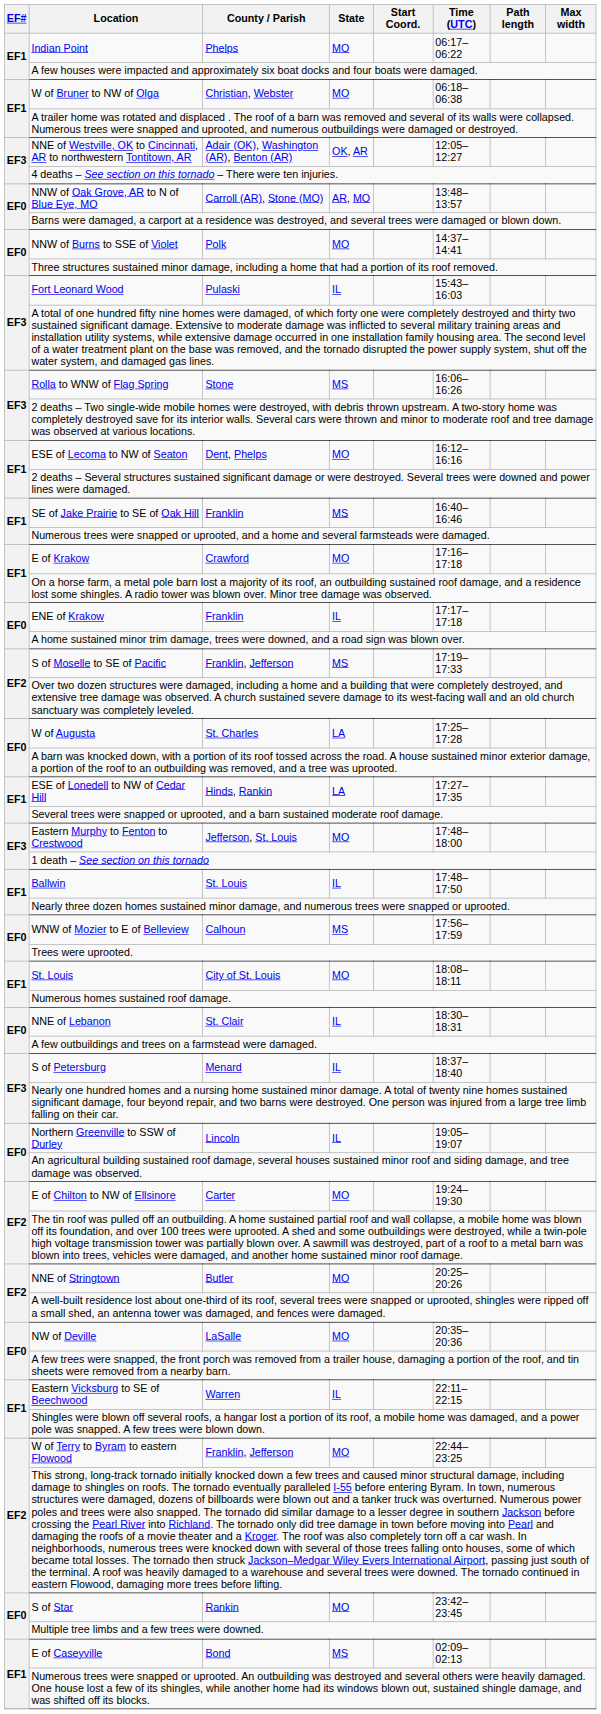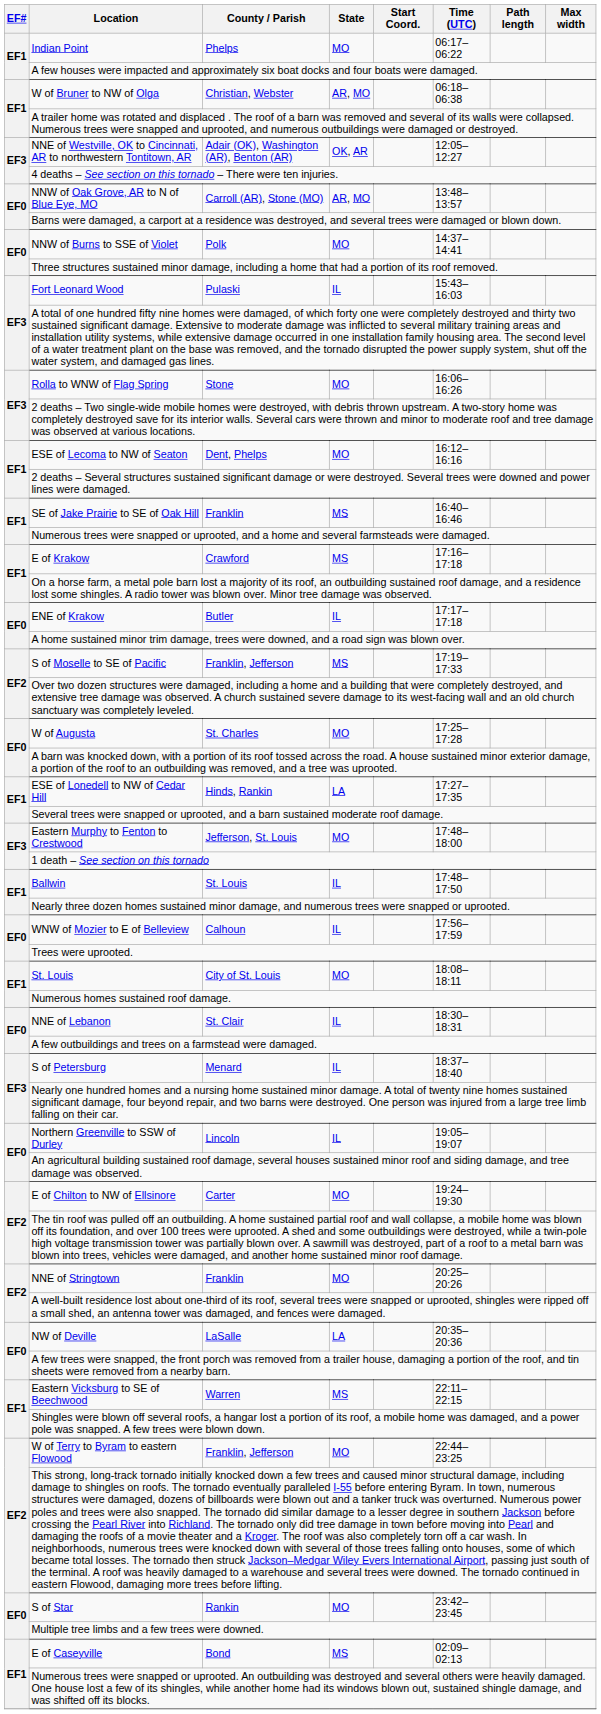 <table class="wikitable sortable" style="width:100%;">
 <tr>
 <th scope="col" width="2%" align="center"><a href='#'>EF#</a></th>
 <th scope="col" align="center" class="unsortable">Location</th>
 <th scope="col" align="center" class="unsortable">County / Parish</th>
 <th scope="col" align="center">State</th>
 <th scope="col" align="center">Start Coord.</th>
 <th scope="col" align="center">Time (<a href='#'>UTC</a>)</th>
 <th scope="col" align="center">Path length</th>
 <th scope="col" align="center">Max width</th>
 </tr>
 <tr>
 <th scope="row" rowspan="2" style="background-color:#">EF1</th>
 <td><a href='#'>Indian Point</a></td>
 <td><a href='#'>Phelps</a></td>
 <td><a href='#'>MO</a></td>
 <td></td>
 <td>06:17–06:22</td>
 <td></td>
 <td></td>
 </tr>
 <tr class="expand-child">
 <td colspan="8" style=" border-bottom: 1px solid black;">A few houses were impacted and approximately six boat docks and four boats were damaged.</td>
 </tr>
 <tr>
 <th scope="row" rowspan="2" style="background-color:#">EF1</th>
 <td>W of <a href='#'>Bruner</a> to NW of <a href='#'>Olga</a></td>
 <td><a href='#'>Christian</a>, <a href='#'>Webster</a></td>
-<td><a href='#'>MO</a></td>
+<td><a href='#'>AR</a>, <a href='#'>MO</a></td>
 <td></td>
 <td>06:18–06:38</td>
 <td></td>
 <td></td>
 </tr>
 <tr class="expand-child">
 <td colspan="8" style=" border-bottom: 1px solid black;">A trailer home was rotated and displaced . The roof of a barn was removed and several of its walls were collapsed. Numerous trees were snapped and uprooted, and numerous outbuildings were damaged or destroyed.</td>
 </tr>
 <tr>
 <th scope="row" rowspan="2" style="background-color:#">EF3</th>
 <td>NNE of <a href='#'>Westville, OK</a> to <a href='#'>Cincinnati, AR</a> to northwestern <a href='#'>Tontitown, AR</a></td>
 <td><a href='#'>Adair (OK)</a>, <a href='#'>Washington (AR)</a>, <a href='#'>Benton (AR)</a></td>
 <td><a href='#'>OK</a>, <a href='#'>AR</a></td>
 <td></td>
 <td>12:05–12:27</td>
 <td></td>
 <td></td>
 </tr>
 <tr class="expand-child">
 <td colspan="8" style=" border-bottom: 1px solid black;">4 deaths – <em><a href='#'>See section on this tornado</a></em> – There were ten injuries.</td>
 </tr>
 <tr>
 <th scope="row" rowspan="2" style="background-color:#">EF0</th>
 <td>NNW of <a href='#'>Oak Grove, AR</a> to N of <a href='#'>Blue Eye, MO</a></td>
 <td><a href='#'>Carroll (AR)</a>, <a href='#'>Stone (MO)</a></td>
 <td><a href='#'>AR</a>, <a href='#'>MO</a></td>
 <td></td>
 <td>13:48–13:57</td>
 <td></td>
 <td></td>
 </tr>
 <tr class="expand-child">
 <td colspan="8" style=" border-bottom: 1px solid black;">Barns were damaged, a carport at a residence was destroyed, and several trees were damaged or blown down.</td>
 </tr>
 <tr>
 <th scope="row" rowspan="2" style="background-color:#">EF0</th>
 <td>NNW of <a href='#'>Burns</a> to SSE of <a href='#'>Violet</a></td>
 <td><a href='#'>Polk</a></td>
 <td><a href='#'>MO</a></td>
 <td></td>
 <td>14:37–14:41</td>
 <td></td>
 <td></td>
 </tr>
 <tr class="expand-child">
 <td colspan="8" style=" border-bottom: 1px solid black;">Three structures sustained minor damage, including a home that had a portion of its roof removed.</td>
 </tr>
 <tr>
 <th scope="row" rowspan="2" style="background-color:#">EF3</th>
 <td><a href='#'>Fort Leonard Wood</a></td>
 <td><a href='#'>Pulaski</a></td>
 <td><a href='#'>IL</a></td>
 <td></td>
 <td>15:43–16:03</td>
 <td></td>
 <td></td>
 </tr>
 <tr class="expand-child">
 <td colspan="8" style=" border-bottom: 1px solid black;">A total of one hundred fifty nine homes were damaged, of which forty one were completely destroyed and thirty two sustained significant damage. Extensive to moderate damage was inflicted to several military training areas and installation utility systems, while extensive damage occurred in one installation family housing area. The second level of a water treatment plant on the base was removed, and the tornado disrupted the power supply system, shut off the water system, and damaged gas lines.</td>
 </tr>
 <tr>
 <th scope="row" rowspan="2" style="background-color:#">EF3</th>
 <td><a href='#'>Rolla</a> to WNW of <a href='#'>Flag Spring</a></td>
 <td><a href='#'>Stone</a></td>
-<td><a href='#'>MS</a></td>
+<td><a href='#'>MO</a></td>
 <td></td>
 <td>16:06–16:26</td>
 <td></td>
 <td></td>
 </tr>
 <tr class="expand-child">
 <td colspan="8" style=" border-bottom: 1px solid black;">2 deaths – Two single-wide mobile homes were destroyed, with debris thrown upstream. A two-story home was completely destroyed save for its interior walls. Several cars were thrown and minor to moderate roof and tree damage was observed at various locations.</td>
 </tr>
 <tr>
 <th scope="row" rowspan="2" style="background-color:#">EF1</th>
 <td>ESE of <a href='#'>Lecoma</a> to NW of <a href='#'>Seaton</a></td>
 <td><a href='#'>Dent</a>, <a href='#'>Phelps</a></td>
 <td><a href='#'>MO</a></td>
 <td></td>
 <td>16:12–16:16</td>
 <td></td>
 <td></td>
 </tr>
 <tr class="expand-child">
 <td colspan="8" style=" border-bottom: 1px solid black;">2 deaths – Several structures sustained significant damage or were destroyed. Several trees were downed and power lines were damaged.</td>
 </tr>
 <tr>
 <th scope="row" rowspan="2" style="background-color:#">EF1</th>
 <td>SE of <a href='#'>Jake Prairie</a> to SE of <a href='#'>Oak Hill</a></td>
 <td><a href='#'>Franklin</a></td>
 <td><a href='#'>MS</a></td>
 <td></td>
 <td>16:40–16:46</td>
 <td></td>
 <td></td>
 </tr>
 <tr class="expand-child">
 <td colspan="8" style=" border-bottom: 1px solid black;">Numerous trees were snapped or uprooted, and a home and several farmsteads were damaged.</td>
 </tr>
 <tr>
 <th scope="row" rowspan="2" style="background-color:#">EF1</th>
 <td>E of <a href='#'>Krakow</a></td>
 <td><a href='#'>Crawford</a></td>
-<td><a href='#'>MO</a></td>
+<td><a href='#'>MS</a></td>
 <td></td>
 <td>17:16–17:18</td>
 <td></td>
 <td></td>
 </tr>
 <tr class="expand-child">
 <td colspan="8" style=" border-bottom: 1px solid black;">On a horse farm, a metal pole barn lost a majority of its roof, an outbuilding sustained roof damage, and a residence lost some shingles. A  radio tower was blown over. Minor tree damage was observed.</td>
 </tr>
 <tr>
 <th scope="row" rowspan="2" style="background-color:#">EF0</th>
 <td>ENE of <a href='#'>Krakow</a></td>
-<td><a href='#'>Franklin</a></td>
+<td><a href='#'>Butler</a></td>
 <td><a href='#'>IL</a></td>
 <td></td>
 <td>17:17–17:18</td>
 <td></td>
 <td></td>
 </tr>
 <tr class="expand-child">
 <td colspan="8" style=" border-bottom: 1px solid black;">A home sustained minor trim damage, trees were downed, and a road sign was blown over.</td>
 </tr>
 <tr>
 <th scope="row" rowspan="2" style="background-color:#">EF2</th>
 <td>S of <a href='#'>Moselle</a> to SE of <a href='#'>Pacific</a></td>
 <td><a href='#'>Franklin</a>, <a href='#'>Jefferson</a></td>
 <td><a href='#'>MS</a></td>
 <td></td>
 <td>17:19–17:33</td>
 <td></td>
 <td></td>
 </tr>
 <tr class="expand-child">
 <td colspan="8" style=" border-bottom: 1px solid black;">Over two dozen structures were damaged, including a home and a building that were completely destroyed, and extensive tree damage was observed. A church sustained severe damage to its west-facing wall and an old church sanctuary was completely leveled.</td>
 </tr>
 <tr>
 <th scope="row" rowspan="2" style="background-color:#">EF0</th>
 <td>W of <a href='#'>Augusta</a></td>
 <td><a href='#'>St. Charles</a></td>
-<td><a href='#'>LA</a></td>
+<td><a href='#'>MO</a></td>
 <td></td>
 <td>17:25–17:28</td>
 <td></td>
 <td></td>
 </tr>
 <tr class="expand-child">
 <td colspan="8" style=" border-bottom: 1px solid black;">A barn was knocked down, with a portion of its roof tossed across the road. A house sustained minor exterior damage, a portion of the roof to an outbuilding was removed, and a tree was uprooted.</td>
 </tr>
 <tr>
 <th scope="row" rowspan="2" style="background-color:#">EF1</th>
 <td>ESE of <a href='#'>Lonedell</a> to NW of <a href='#'>Cedar Hill</a></td>
 <td><a href='#'>Hinds</a>, <a href='#'>Rankin</a></td>
 <td><a href='#'>LA</a></td>
 <td></td>
 <td>17:27–17:35</td>
 <td></td>
 <td></td>
 </tr>
 <tr class="expand-child">
 <td colspan="8" style=" border-bottom: 1px solid black;">Several trees were snapped or uprooted, and a barn sustained moderate roof damage.</td>
 </tr>
 <tr>
 <th scope="row" rowspan="2" style="background-color:#">EF3</th>
 <td>Eastern <a href='#'>Murphy</a> to <a href='#'>Fenton</a> to <a href='#'>Crestwood</a></td>
 <td><a href='#'>Jefferson</a>, <a href='#'>St. Louis</a></td>
 <td><a href='#'>MO</a></td>
 <td></td>
 <td>17:48–18:00</td>
 <td></td>
 <td></td>
 </tr>
 <tr class="expand-child">
 <td colspan="8" style=" border-bottom: 1px solid black;">1 death – <em><a href='#'>See section on this tornado</a></em></td>
 </tr>
 <tr>
 <th scope="row" rowspan="2" style="background-color:#">EF1</th>
 <td><a href='#'>Ballwin</a></td>
 <td><a href='#'>St. Louis</a></td>
 <td><a href='#'>IL</a></td>
 <td></td>
 <td>17:48–17:50</td>
 <td></td>
 <td></td>
 </tr>
 <tr class="expand-child">
 <td colspan="8" style=" border-bottom: 1px solid black;">Nearly three dozen homes sustained minor damage, and numerous trees were snapped or uprooted.</td>
 </tr>
 <tr>
 <th scope="row" rowspan="2" style="background-color:#">EF0</th>
 <td>WNW of <a href='#'>Mozier</a> to E of <a href='#'>Belleview</a></td>
 <td><a href='#'>Calhoun</a></td>
-<td><a href='#'>MS</a></td>
+<td><a href='#'>IL</a></td>
 <td></td>
 <td>17:56–17:59</td>
 <td></td>
 <td></td>
 </tr>
 <tr class="expand-child">
 <td colspan="8" style=" border-bottom: 1px solid black;">Trees were uprooted.</td>
 </tr>
 <tr>
 <th scope="row" rowspan="2" style="background-color:#">EF1</th>
 <td><a href='#'>St. Louis</a></td>
 <td><a href='#'>City of St. Louis</a></td>
 <td><a href='#'>MO</a></td>
 <td></td>
 <td>18:08–18:11</td>
 <td></td>
 <td></td>
 </tr>
 <tr class="expand-child">
 <td colspan="8" style=" border-bottom: 1px solid black;">Numerous homes sustained roof damage.</td>
 </tr>
 <tr>
 <th scope="row" rowspan="2" style="background-color:#">EF0</th>
 <td>NNE of <a href='#'>Lebanon</a></td>
 <td><a href='#'>St. Clair</a></td>
 <td><a href='#'>IL</a></td>
 <td></td>
 <td>18:30–18:31</td>
 <td></td>
 <td></td>
 </tr>
 <tr class="expand-child">
 <td colspan="8" style=" border-bottom: 1px solid black;">A few outbuildings and trees on a farmstead were damaged.</td>
 </tr>
 <tr>
 <th scope="row" rowspan="2" style="background-color:#">EF3</th>
 <td>S of <a href='#'>Petersburg</a></td>
 <td><a href='#'>Menard</a></td>
 <td><a href='#'>IL</a></td>
 <td></td>
 <td>18:37–18:40</td>
 <td></td>
 <td></td>
 </tr>
 <tr class="expand-child">
 <td colspan="8" style=" border-bottom: 1px solid black;">Nearly one hundred homes and a nursing home sustained minor damage. A total of twenty nine homes sustained significant damage, four beyond repair, and two barns were destroyed. One person was injured from a large tree limb falling on their car.</td>
 </tr>
 <tr>
 <th scope="row" rowspan="2" style="background-color:#">EF0</th>
 <td>Northern <a href='#'>Greenville</a> to SSW of <a href='#'>Durley</a></td>
 <td><a href='#'>Lincoln</a></td>
 <td><a href='#'>IL</a></td>
 <td></td>
 <td>19:05–19:07</td>
 <td></td>
 <td></td>
 </tr>
 <tr class="expand-child">
 <td colspan="8" style=" border-bottom: 1px solid black;">An agricultural building sustained roof damage, several houses sustained minor roof and siding damage, and tree damage was observed.</td>
 </tr>
 <tr>
 <th scope="row" rowspan="2" style="background-color:#">EF2</th>
 <td>E of <a href='#'>Chilton</a> to NW of <a href='#'>Ellsinore</a></td>
 <td><a href='#'>Carter</a></td>
 <td><a href='#'>MO</a></td>
 <td></td>
 <td>19:24–19:30</td>
 <td></td>
 <td></td>
 </tr>
 <tr class="expand-child">
 <td colspan="8" style=" border-bottom: 1px solid black;">The tin roof was pulled off an outbuilding. A home sustained partial roof and wall collapse, a mobile home was blown  off its foundation, and over 100 trees were uprooted. A shed and some outbuildings were destroyed, while a twin-pole high voltage transmission tower was partially blown over. A sawmill was destroyed, part of a roof to a metal barn was blown into trees, vehicles were damaged, and another home sustained minor roof damage.</td>
 </tr>
 <tr>
 <th scope="row" rowspan="2" style="background-color:#">EF2</th>
 <td>NNE of <a href='#'>Stringtown</a></td>
-<td><a href='#'>Butler</a></td>
+<td><a href='#'>Franklin</a></td>
 <td><a href='#'>MO</a></td>
 <td></td>
 <td>20:25–20:26</td>
 <td></td>
 <td></td>
 </tr>
 <tr class="expand-child">
 <td colspan="8" style=" border-bottom: 1px solid black;">A well-built residence lost about one-third of its roof, several trees were snapped or uprooted, shingles were ripped off a small shed, an antenna tower was damaged, and fences were damaged.</td>
 </tr>
 <tr>
 <th scope="row" rowspan="2" style="background-color:#">EF0</th>
 <td>NW of <a href='#'>Deville</a></td>
 <td><a href='#'>LaSalle</a></td>
-<td><a href='#'>MO</a></td>
+<td><a href='#'>LA</a></td>
 <td></td>
 <td>20:35–20:36</td>
 <td></td>
 <td></td>
 </tr>
 <tr class="expand-child">
 <td colspan="8" style=" border-bottom: 1px solid black;">A few trees were snapped, the front porch was removed from a trailer house, damaging a portion of the roof, and tin sheets were removed from a nearby barn.</td>
 </tr>
 <tr>
 <th scope="row" rowspan="2" style="background-color:#">EF1</th>
 <td>Eastern <a href='#'>Vicksburg</a> to SE of <a href='#'>Beechwood</a></td>
 <td><a href='#'>Warren</a></td>
-<td><a href='#'>IL</a></td>
+<td><a href='#'>MS</a></td>
 <td></td>
 <td>22:11–22:15</td>
 <td></td>
 <td></td>
 </tr>
 <tr class="expand-child">
 <td colspan="8" style=" border-bottom: 1px solid black;">Shingles were blown off several roofs, a hangar lost a portion of its roof, a mobile home was damaged, and a power pole was snapped. A few trees were blown down.</td>
 </tr>
 <tr>
 <th scope="row" rowspan="2" style="background-color:#">EF2</th>
 <td>W of <a href='#'>Terry</a> to <a href='#'>Byram</a> to eastern <a href='#'>Flowood</a></td>
 <td><a href='#'>Franklin</a>, <a href='#'>Jefferson</a></td>
 <td><a href='#'>MO</a></td>
 <td></td>
 <td>22:44–23:25</td>
 <td></td>
 <td></td>
 </tr>
 <tr class="expand-child">
 <td colspan="8" style=" border-bottom: 1px solid black;">This strong, long-track tornado initially knocked down a few trees and caused minor structural damage, including damage to shingles on roofs. The tornado eventually paralleled <a href='#'>I-55</a> before entering Byram. In town, numerous structures were damaged, dozens of billboards were blown out and a tanker truck was overturned. Numerous power poles and trees were also snapped. The tornado did similar damage to a lesser degree in southern <a href='#'>Jackson</a> before crossing the <a href='#'>Pearl River</a> into <a href='#'>Richland</a>. The tornado only did tree damage in town before moving into <a href='#'>Pearl</a> and damaging the roofs of a movie theater and a <a href='#'>Kroger</a>. The roof was also completely torn off a car wash. In neighborhoods, numerous trees were knocked down with several of those trees falling onto houses, some of which became total losses. The tornado then struck <a href='#'>Jackson–Medgar Wiley Evers International Airport</a>, passing just south of the terminal. A roof was heavily damaged to a warehouse and several trees were downed. The tornado continued in eastern Flowood, damaging more trees before lifting.</td>
 </tr>
 <tr>
 <th scope="row" rowspan="2" style="background-color:#">EF0</th>
 <td>S of <a href='#'>Star</a></td>
 <td><a href='#'>Rankin</a></td>
 <td><a href='#'>MO</a></td>
 <td></td>
 <td>23:42–23:45</td>
 <td></td>
 <td></td>
 </tr>
 <tr class="expand-child">
 <td colspan="8" style=" border-bottom: 1px solid black;">Multiple tree limbs and a few trees were downed.</td>
 </tr>
 <tr>
 <th scope="row" rowspan="2" style="background-color:#">EF1</th>
 <td>E of <a href='#'>Caseyville</a></td>
 <td><a href='#'>Bond</a></td>
 <td><a href='#'>MS</a></td>
 <td></td>
 <td>02:09–02:13</td>
 <td></td>
 <td></td>
 </tr>
 <tr class="expand-child">
 <td colspan="8" style=" border-bottom: 1px solid black;">Numerous trees were snapped or uprooted. An outbuilding was destroyed and several others were heavily damaged. One house lost a few of its shingles, while another home had its windows blown out, sustained shingle damage, and was shifted off its blocks.</td>
 </tr>
 <tr>
 </tr>
 </table>
